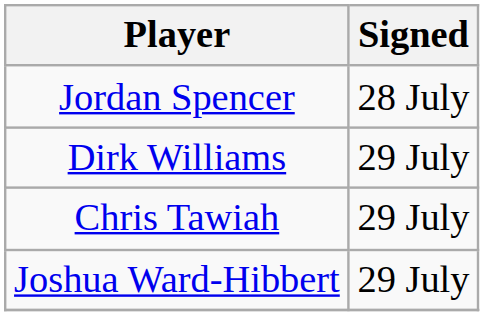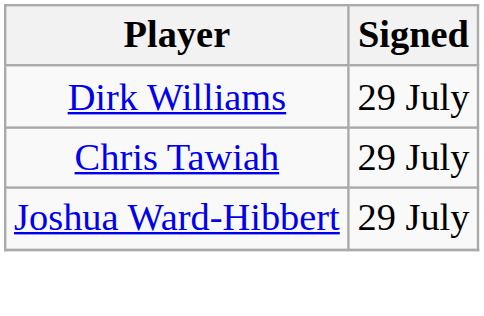 <table class="wikitable sortable sortable" style="text-align: center">
 <tr>
 <th>Player</th>
 <th>Signed</th>
-</tr>
-<tr>
-<td><a href='#'>Jordan Spencer</a></td>
-<td>28 July</td>
 </tr>
 <tr>
 <td><a href='#'>Dirk Williams</a></td>
 <td>29 July</td>
 </tr>
 <tr>
 <td><a href='#'>Chris Tawiah</a></td>
 <td>29 July</td>
 </tr>
 <tr>
 <td><a href='#'>Joshua Ward-Hibbert</a></td>
 <td>29 July</td>
 </tr>
 <tr>
 </tr>
 </table>
